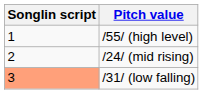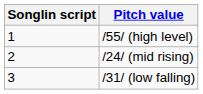 <table class="wikitable">
 <tr>
 <th>Songlin script</th>
 <th><a href='#'>Pitch value</a></th>
 </tr>
 <tr>
 <td>1</td>
 <td>/55/ (high level)</td>
 </tr>
 <tr>
 <td>2</td>
 <td>/24/ (mid rising)</td>
 </tr>
 <tr>
-<td style="background: lightsalmon;">3</td>
+<td>3</td>
 <td>/31/ (low falling)</td>
 </tr>
 </table>
